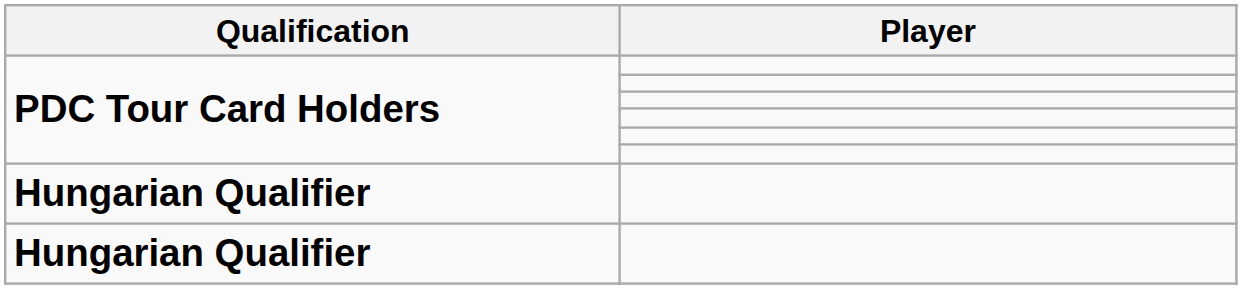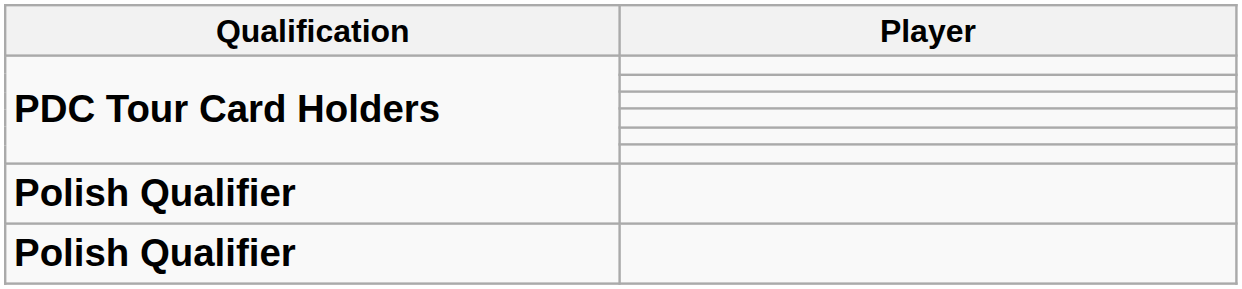 <table class="wikitable">
 <tr style="font-size:10pt;font-weight:bold">
 <th width="250">Qualification</th>
 <th width="250">Player</th>
 </tr>
 <tr>
 <td rowspan="6"><strong>PDC Tour Card Holders</strong></td>
 <td></td>
 </tr>
 <tr>
 <td></td>
 </tr>
 <tr>
 <td></td>
 </tr>
 <tr>
 <td></td>
 </tr>
 <tr>
 <td></td>
 </tr>
 <tr>
 <td></td>
 </tr>
 <tr>
-<td><strong>Hungarian Qualifier</strong></td>
+<td><strong>Polish Qualifier</strong></td>
 <td></td>
 </tr>
 <tr>
-<td><strong>Hungarian Qualifier</strong></td>
+<td><strong>Polish Qualifier</strong></td>
 <td></td>
 </tr>
 </table>
